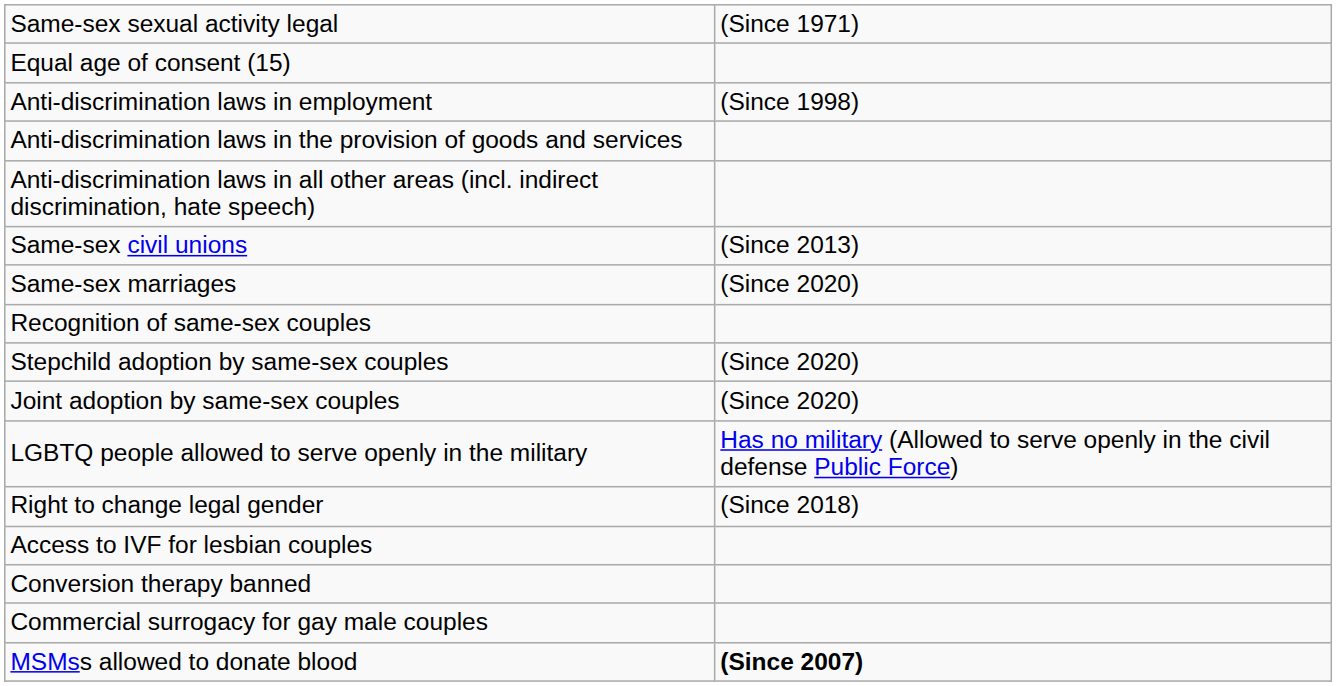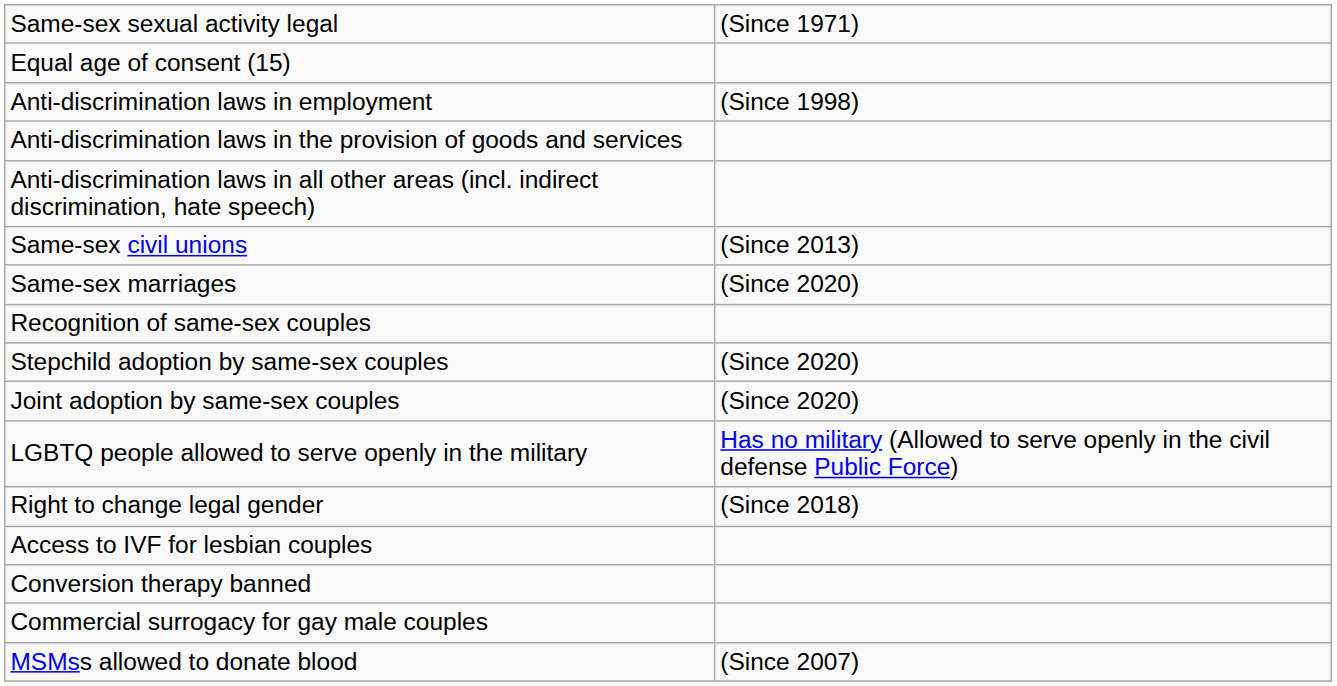 <table class="wikitable">
 <tr>
 <td>Same-sex sexual activity legal</td>
 <td> (Since 1971)</td>
 </tr>
 <tr>
 <td>Equal age of consent (15)</td>
 <td></td>
 </tr>
 <tr>
 <td>Anti-discrimination laws in employment</td>
 <td> (Since 1998)</td>
 </tr>
 <tr>
 <td>Anti-discrimination laws in the provision of goods and services</td>
 <td></td>
 </tr>
 <tr>
 <td>Anti-discrimination laws in all other areas (incl. indirect discrimination, hate speech)</td>
 <td></td>
 </tr>
 <tr>
 <td>Same-sex <a href='#'>civil unions</a></td>
 <td> (Since 2013)</td>
 </tr>
 <tr>
 <td>Same-sex marriages</td>
 <td> (Since 2020)</td>
 </tr>
 <tr>
 <td>Recognition of same-sex couples</td>
 <td></td>
 </tr>
 <tr>
 <td>Stepchild adoption by same-sex couples</td>
 <td> (Since 2020)</td>
 </tr>
 <tr>
 <td>Joint adoption by same-sex couples</td>
 <td> (Since 2020)</td>
 </tr>
 <tr>
 <td>LGBTQ people allowed to serve openly in the military</td>
 <td><a href='#'>Has no military</a> (Allowed to serve openly in the civil defense <a href='#'>Public Force</a>)</td>
 </tr>
 <tr>
 <td>Right to change legal gender</td>
 <td> (Since 2018)</td>
 </tr>
 <tr>
 <td>Access to IVF for lesbian couples</td>
 <td></td>
 </tr>
 <tr>
 <td>Conversion therapy banned</td>
 <td></td>
 </tr>
 <tr>
 <td>Commercial surrogacy for gay male couples</td>
 <td></td>
 </tr>
 <tr>
 <td><a href='#'>MSMs</a>s allowed to donate blood</td>
-<td><strong> (Since 2007)</strong></td>
+<td> (Since 2007)</td>
 </tr>
 </table>
